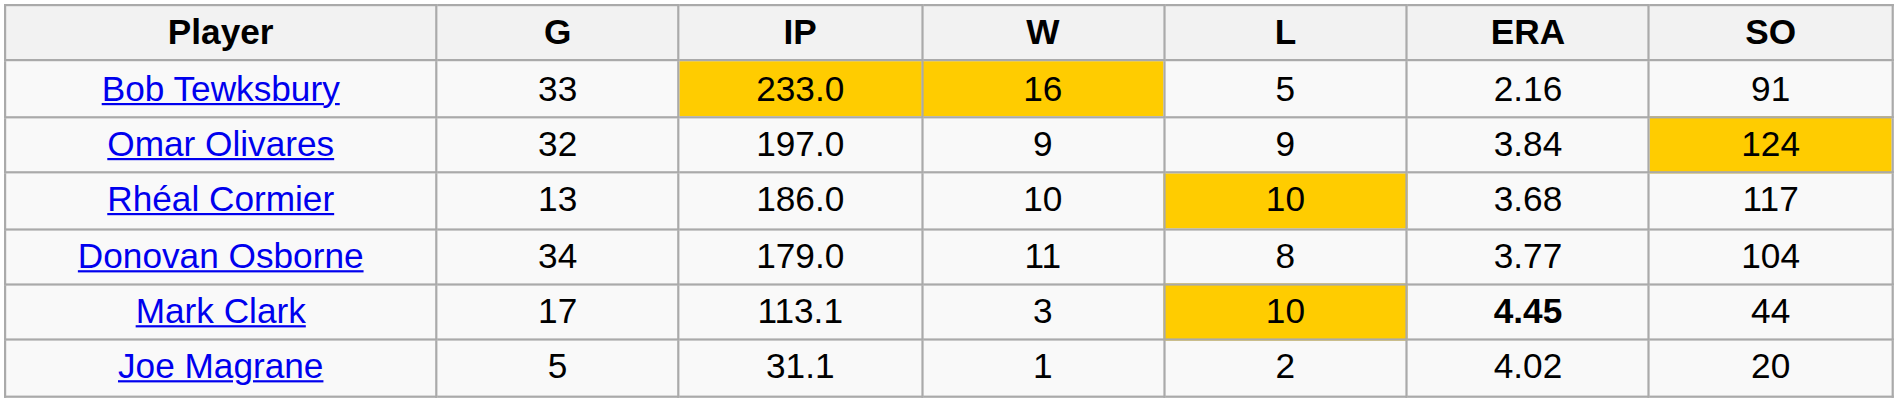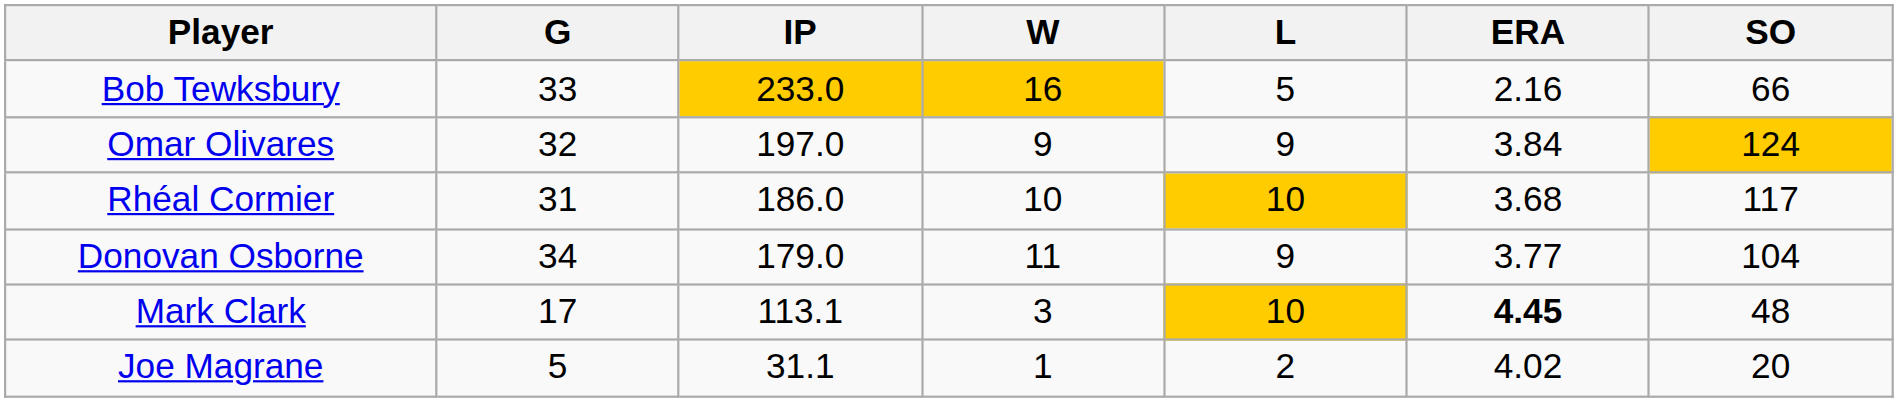 <table class="wikitable sortable">
 <tr>
 <th bgcolor="#DDDDFF" width="16%">Player</th>
 <th bgcolor="#DDDDFF" width="9%">G</th>
 <th bgcolor="#DDDDFF" width="9%">IP</th>
 <th bgcolor="#DDDDFF" width="9%">W</th>
 <th bgcolor="#DDDDFF" width="9%">L</th>
 <th bgcolor="#DDDDFF" width="9%">ERA</th>
 <th bgcolor="#DDDDFF" width="9%">SO</th>
 </tr>
 <tr align="center">
 <td><a href='#'>Bob Tewksbury</a></td>
 <td>33</td>
 <td style="background:#fc0;">233.0</td>
 <td style="background:#fc0;">16</td>
 <td>5</td>
 <td>2.16</td>
-<td>91</td>
+<td>66</td>
 </tr>
 <tr align="center">
 <td><a href='#'>Omar Olivares</a></td>
 <td>32</td>
 <td>197.0</td>
 <td>9</td>
 <td>9</td>
 <td>3.84</td>
 <td style="background:#fc0;">124</td>
 </tr>
 <tr align="center">
 <td><a href='#'>Rhéal Cormier</a></td>
-<td>13</td>
+<td>31</td>
 <td>186.0</td>
 <td>10</td>
 <td style="background:#fc0;">10</td>
 <td>3.68</td>
 <td>117</td>
 </tr>
 <tr align="center">
 <td><a href='#'>Donovan Osborne</a></td>
 <td>34</td>
 <td>179.0</td>
 <td>11</td>
-<td>8</td>
+<td>9</td>
 <td>3.77</td>
 <td>104</td>
 </tr>
 <tr align="center">
 <td><a href='#'>Mark Clark</a></td>
 <td>17</td>
 <td>113.1</td>
 <td>3</td>
 <td style="background:#fc0;">10</td>
 <td><strong>4.45</strong></td>
-<td>44</td>
+<td>48</td>
 </tr>
 <tr align="center">
 <td><a href='#'>Joe Magrane</a></td>
 <td>5</td>
 <td>31.1</td>
 <td>1</td>
 <td>2</td>
 <td>4.02</td>
 <td>20</td>
 </tr>
 </table>
